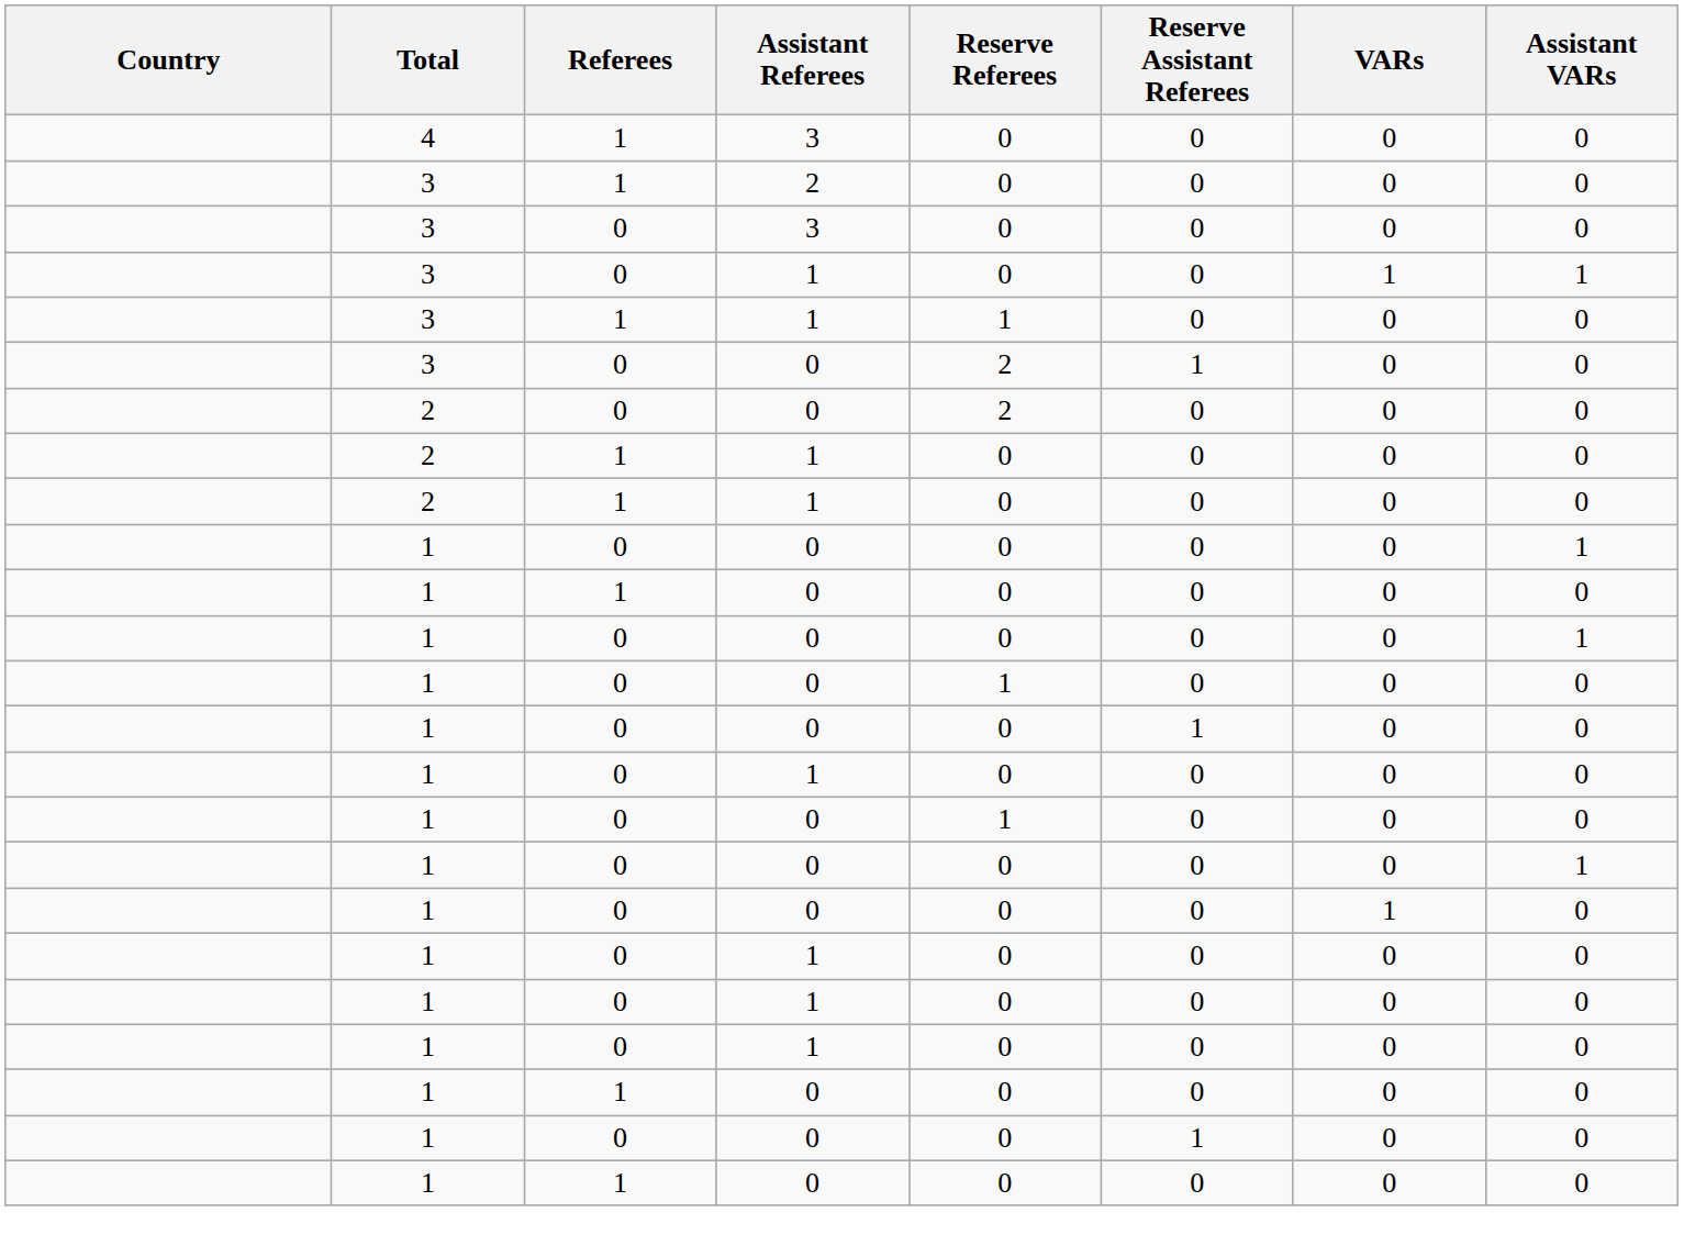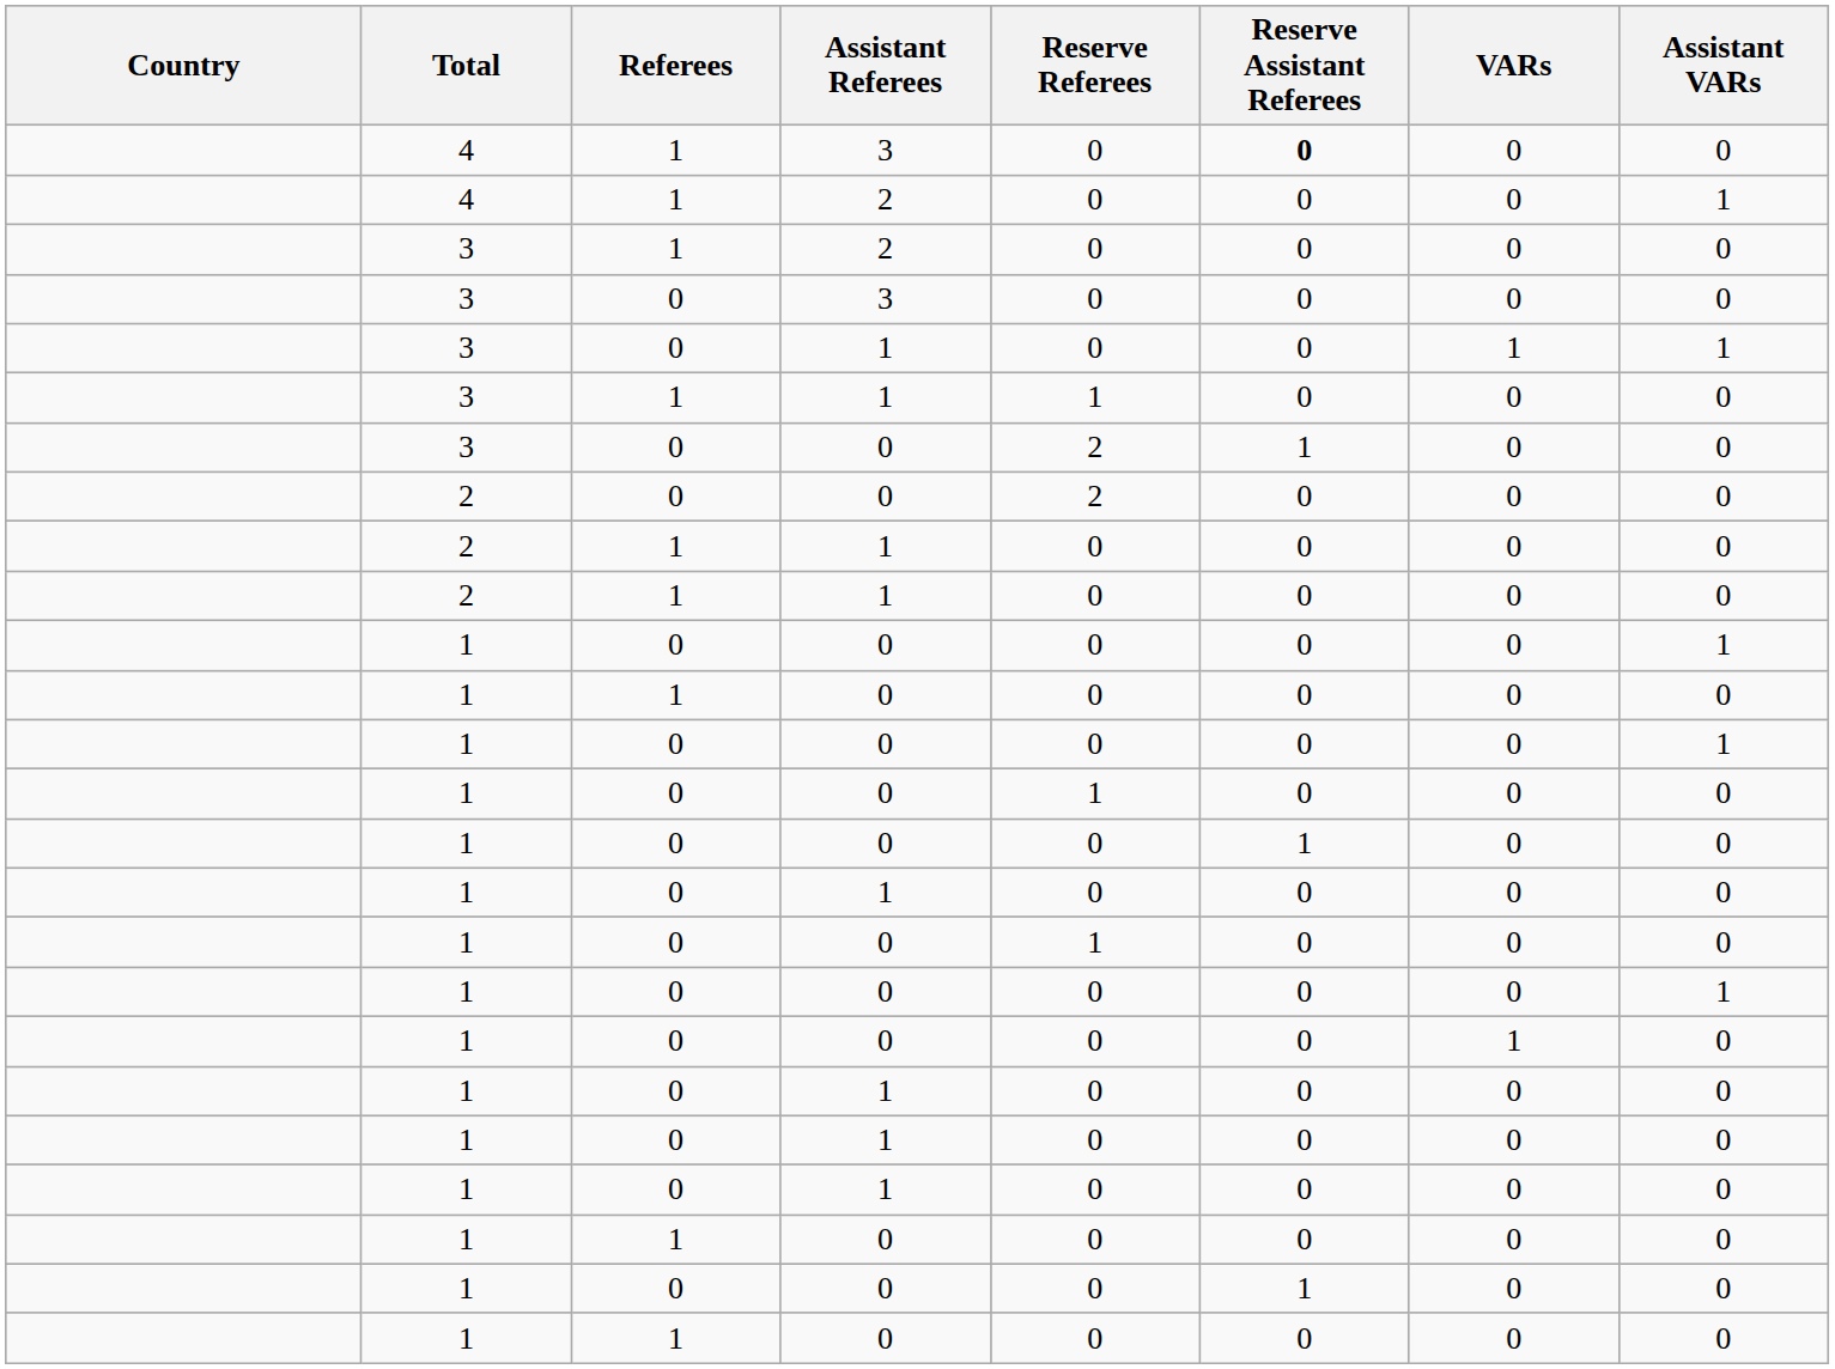 <table class="wikitable sortable">
 <tr>
 <th style="width:175px">Country</th>
 <th style="width:100px">Total</th>
 <th style="width:100px">Referees</th>
 <th style="width:100px">Assistant<br>Referees</th>
 <th style="width:100px">Reserve Referees</th>
 <th style="width:100px">Reserve Assistant Referees</th>
 <th style="width:100px">VARs</th>
 <th style="width:100px">Assistant VARs</th>
 </tr>
 <tr>
 <td style="text-align:center"></td>
 <td style="text-align:center">4</td>
 <td style="text-align:center">1</td>
 <td style="text-align:center">3</td>
 <td style="text-align:center">0</td>
+<td style="text-align:center"><strong>0</strong></td>
+<td style="text-align:center">0</td>
+<td style="text-align:center">0</td>
+</tr>
+<tr>
+<td style="text-align:center"></td>
+<td style="text-align:center">4</td>
+<td style="text-align:center">1</td>
+<td style="text-align:center">2</td>
 <td style="text-align:center">0</td>
 <td style="text-align:center">0</td>
 <td style="text-align:center">0</td>
+<td style="text-align:center">1</td>
 </tr>
 <tr>
 <td style="text-align:center"></td>
 <td style="text-align:center">3</td>
 <td style="text-align:center">1</td>
 <td style="text-align:center">2</td>
 <td style="text-align:center">0</td>
 <td style="text-align:center">0</td>
 <td style="text-align:center">0</td>
 <td style="text-align:center">0</td>
 </tr>
 <tr>
 <td style="text-align:center"></td>
 <td style="text-align:center">3</td>
 <td style="text-align:center">0</td>
 <td style="text-align:center">3</td>
 <td style="text-align:center">0</td>
 <td style="text-align:center">0</td>
 <td style="text-align:center">0</td>
 <td style="text-align:center">0</td>
 </tr>
 <tr>
 <td style="text-align:center"></td>
 <td style="text-align:center">3</td>
 <td style="text-align:center">0</td>
 <td style="text-align:center">1</td>
 <td style="text-align:center">0</td>
 <td style="text-align:center">0</td>
 <td style="text-align:center">1</td>
 <td style="text-align:center">1</td>
 </tr>
 <tr>
 <td style="text-align:center"></td>
 <td style="text-align:center">3</td>
 <td style="text-align:center">1</td>
 <td style="text-align:center">1</td>
 <td style="text-align:center">1</td>
 <td style="text-align:center">0</td>
 <td style="text-align:center">0</td>
 <td style="text-align:center">0</td>
 </tr>
 <tr>
 <td style="text-align:center"></td>
 <td style="text-align:center">3</td>
 <td style="text-align:center">0</td>
 <td style="text-align:center">0</td>
 <td style="text-align:center">2</td>
 <td style="text-align:center">1</td>
 <td style="text-align:center">0</td>
 <td style="text-align:center">0</td>
 </tr>
 <tr>
 <td style="text-align:center"></td>
 <td style="text-align:center">2</td>
 <td style="text-align:center">0</td>
 <td style="text-align:center">0</td>
 <td style="text-align:center">2</td>
 <td style="text-align:center">0</td>
 <td style="text-align:center">0</td>
 <td style="text-align:center">0</td>
 </tr>
 <tr>
 <td style="text-align:center"></td>
 <td style="text-align:center">2</td>
 <td style="text-align:center">1</td>
 <td style="text-align:center">1</td>
 <td style="text-align:center">0</td>
 <td style="text-align:center">0</td>
 <td style="text-align:center">0</td>
 <td style="text-align:center">0</td>
 </tr>
 <tr>
 <td style="text-align:center"></td>
 <td style="text-align:center">2</td>
 <td style="text-align:center">1</td>
 <td style="text-align:center">1</td>
 <td style="text-align:center">0</td>
 <td style="text-align:center">0</td>
 <td style="text-align:center">0</td>
 <td style="text-align:center">0</td>
 </tr>
 <tr>
 <td style="text-align:center"></td>
 <td style="text-align:center">1</td>
 <td style="text-align:center">0</td>
 <td style="text-align:center">0</td>
 <td style="text-align:center">0</td>
 <td style="text-align:center">0</td>
 <td style="text-align:center">0</td>
 <td style="text-align:center">1</td>
 </tr>
 <tr>
 <td style="text-align:center"></td>
 <td style="text-align:center">1</td>
 <td style="text-align:center">1</td>
 <td style="text-align:center">0</td>
 <td style="text-align:center">0</td>
 <td style="text-align:center">0</td>
 <td style="text-align:center">0</td>
 <td style="text-align:center">0</td>
 </tr>
 <tr>
 <td style="text-align:center"></td>
 <td style="text-align:center">1</td>
 <td style="text-align:center">0</td>
 <td style="text-align:center">0</td>
 <td style="text-align:center">0</td>
 <td style="text-align:center">0</td>
 <td style="text-align:center">0</td>
 <td style="text-align:center">1</td>
 </tr>
 <tr>
 <td style="text-align:center"></td>
 <td style="text-align:center">1</td>
 <td style="text-align:center">0</td>
 <td style="text-align:center">0</td>
 <td style="text-align:center">1</td>
 <td style="text-align:center">0</td>
 <td style="text-align:center">0</td>
 <td style="text-align:center">0</td>
 </tr>
 <tr>
 <td style="text-align:center"></td>
 <td style="text-align:center">1</td>
 <td style="text-align:center">0</td>
 <td style="text-align:center">0</td>
 <td style="text-align:center">0</td>
 <td style="text-align:center">1</td>
 <td style="text-align:center">0</td>
 <td style="text-align:center">0</td>
 </tr>
 <tr>
 <td style="text-align:center"></td>
 <td style="text-align:center">1</td>
 <td style="text-align:center">0</td>
 <td style="text-align:center">1</td>
 <td style="text-align:center">0</td>
 <td style="text-align:center">0</td>
 <td style="text-align:center">0</td>
 <td style="text-align:center">0</td>
 </tr>
 <tr>
 <td style="text-align:center"></td>
 <td style="text-align:center">1</td>
 <td style="text-align:center">0</td>
 <td style="text-align:center">0</td>
 <td style="text-align:center">1</td>
 <td style="text-align:center">0</td>
 <td style="text-align:center">0</td>
 <td style="text-align:center">0</td>
 </tr>
 <tr>
 <td style="text-align:center"></td>
 <td style="text-align:center">1</td>
 <td style="text-align:center">0</td>
 <td style="text-align:center">0</td>
 <td style="text-align:center">0</td>
 <td style="text-align:center">0</td>
 <td style="text-align:center">0</td>
 <td style="text-align:center">1</td>
 </tr>
 <tr>
 <td style="text-align:center"></td>
 <td style="text-align:center">1</td>
 <td style="text-align:center">0</td>
 <td style="text-align:center">0</td>
 <td style="text-align:center">0</td>
 <td style="text-align:center">0</td>
 <td style="text-align:center">1</td>
 <td style="text-align:center">0</td>
 </tr>
 <tr>
 <td style="text-align:center"></td>
 <td style="text-align:center">1</td>
 <td style="text-align:center">0</td>
 <td style="text-align:center">1</td>
 <td style="text-align:center">0</td>
 <td style="text-align:center">0</td>
 <td style="text-align:center">0</td>
 <td style="text-align:center">0</td>
 </tr>
 <tr>
 <td style="text-align:center"></td>
 <td style="text-align:center">1</td>
 <td style="text-align:center">0</td>
 <td style="text-align:center">1</td>
 <td style="text-align:center">0</td>
 <td style="text-align:center">0</td>
 <td style="text-align:center">0</td>
 <td style="text-align:center">0</td>
 </tr>
 <tr>
 <td style="text-align:center"></td>
 <td style="text-align:center">1</td>
 <td style="text-align:center">0</td>
 <td style="text-align:center">1</td>
 <td style="text-align:center">0</td>
 <td style="text-align:center">0</td>
 <td style="text-align:center">0</td>
 <td style="text-align:center">0</td>
 </tr>
 <tr>
 <td style="text-align:center"></td>
 <td style="text-align:center">1</td>
 <td style="text-align:center">1</td>
 <td style="text-align:center">0</td>
 <td style="text-align:center">0</td>
 <td style="text-align:center">0</td>
 <td style="text-align:center">0</td>
 <td style="text-align:center">0</td>
 </tr>
 <tr>
 <td style="text-align:center"></td>
 <td style="text-align:center">1</td>
 <td style="text-align:center">0</td>
 <td style="text-align:center">0</td>
 <td style="text-align:center">0</td>
 <td style="text-align:center">1</td>
 <td style="text-align:center">0</td>
 <td style="text-align:center">0</td>
 </tr>
 <tr>
 <td style="text-align:center"></td>
 <td style="text-align:center">1</td>
 <td style="text-align:center">1</td>
 <td style="text-align:center">0</td>
 <td style="text-align:center">0</td>
 <td style="text-align:center">0</td>
 <td style="text-align:center">0</td>
 <td style="text-align:center">0</td>
 </tr>
 </table>
